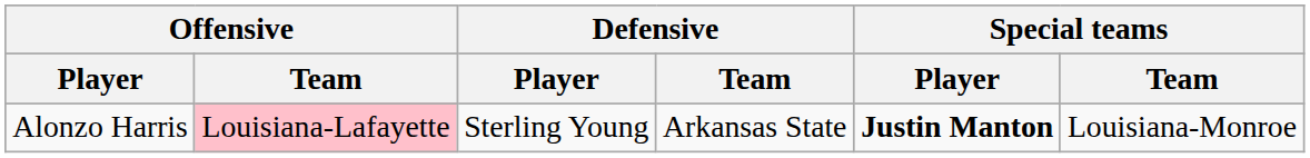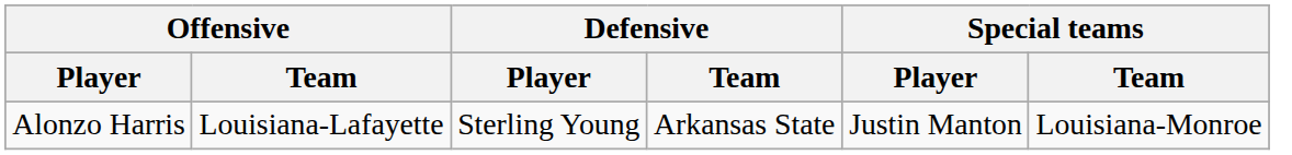 <table class="wikitable">
 <tr>
 <th colspan="2">Offensive</th>
 <th colspan="2">Defensive</th>
 <th colspan="2">Special teams</th>
 </tr>
 <tr>
 <th>Player</th>
 <th>Team</th>
 <th>Player</th>
 <th>Team</th>
 <th>Player</th>
 <th>Team</th>
 </tr>
 <tr>
 <td>Alonzo Harris</td>
-<td style="background: pink;">Louisiana-Lafayette</td>
+<td>Louisiana-Lafayette</td>
 <td>Sterling Young</td>
 <td>Arkansas State</td>
-<td><strong>Justin Manton</strong></td>
+<td>Justin Manton</td>
 <td>Louisiana-Monroe</td>
 </tr>
 </table>
